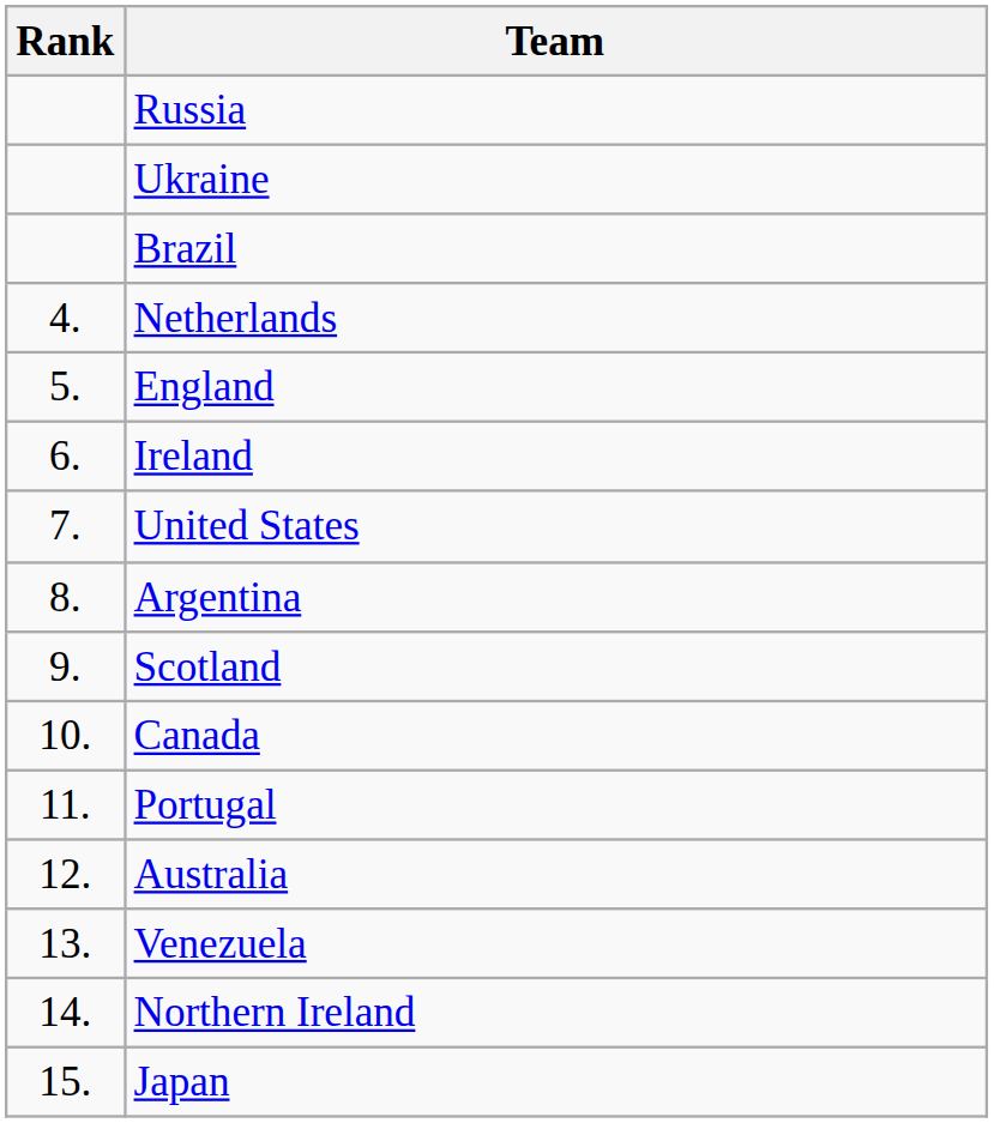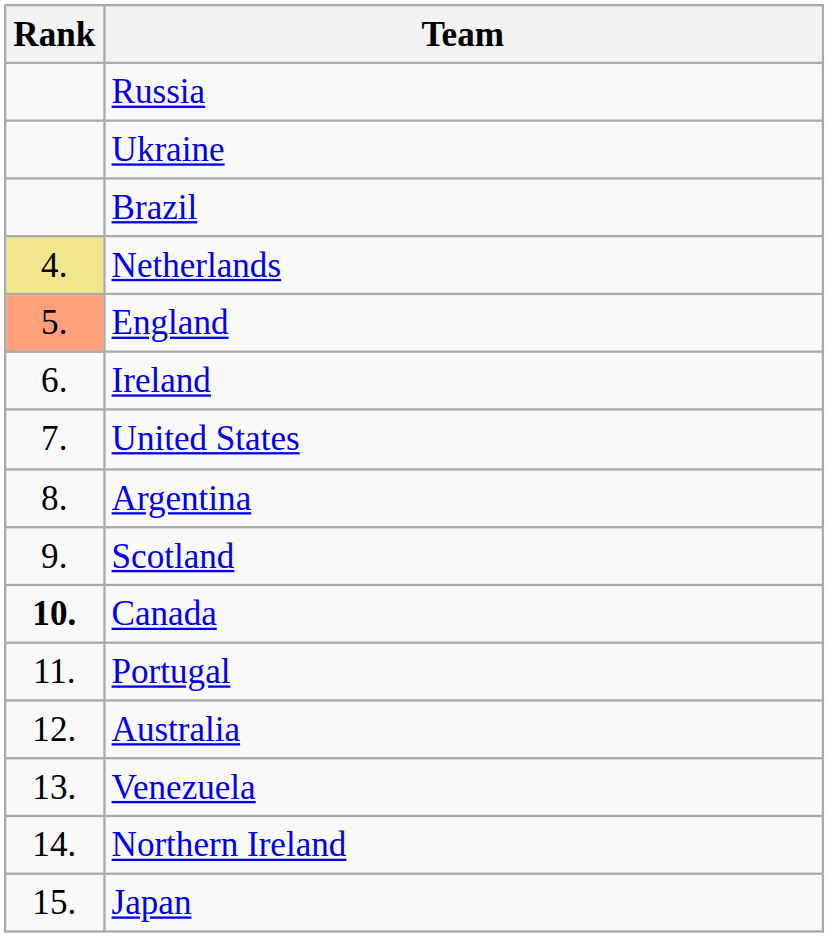 <table class="wikitable" style="font-size:95%">
 <tr>
 <th>Rank</th>
 <th align="left" style="width: 20em">Team</th>
 </tr>
 <tr>
 <td align="center"></td>
 <td> <a href='#'>Russia</a></td>
 </tr>
 <tr>
 <td align="center"></td>
 <td> <a href='#'>Ukraine</a></td>
 </tr>
 <tr>
 <td align="center"></td>
 <td> <a href='#'>Brazil</a></td>
 </tr>
 <tr>
-<td rowspan=1 align="center">4.</td>
+<td rowspan=1 align="center" style="background: khaki;">4.</td>
 <td> <a href='#'>Netherlands</a></td>
 </tr>
 <tr>
-<td rowspan=1 align="center">5.</td>
+<td rowspan=1 align="center" style="background: lightsalmon;">5.</td>
 <td> <a href='#'>England</a></td>
 </tr>
 <tr>
 <td rowspan=1 align="center">6.</td>
 <td> <a href='#'>Ireland</a></td>
 </tr>
 <tr>
 <td rowspan=1 align="center">7.</td>
 <td> <a href='#'>United States</a></td>
 </tr>
 <tr>
 <td rowspan=1 align="center">8.</td>
 <td> <a href='#'>Argentina</a></td>
 </tr>
 <tr>
 <td rowspan=1 align="center">9.</td>
 <td> <a href='#'>Scotland</a></td>
 </tr>
 <tr>
-<td rowspan=1 align="center">10.</td>
+<td rowspan=1 align="center"><strong>10.</strong></td>
 <td> <a href='#'>Canada</a></td>
 </tr>
 <tr>
 <td rowspan=1 align="center">11.</td>
 <td> <a href='#'>Portugal</a></td>
 </tr>
 <tr>
 <td rowspan=1 align="center">12.</td>
 <td> <a href='#'>Australia</a></td>
 </tr>
 <tr>
 <td rowspan=1 align="center">13.</td>
 <td> <a href='#'>Venezuela</a></td>
 </tr>
 <tr>
 <td rowspan=1 align="center">14.</td>
 <td> <a href='#'>Northern Ireland</a></td>
 </tr>
 <tr>
 <td rowspan=1 align="center">15.</td>
 <td> <a href='#'>Japan</a></td>
 </tr>
 </table>
